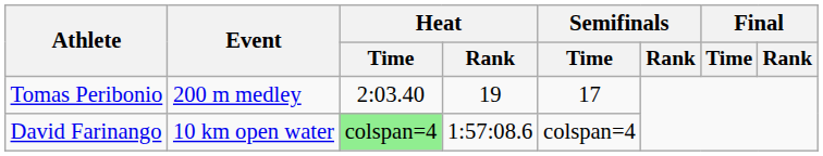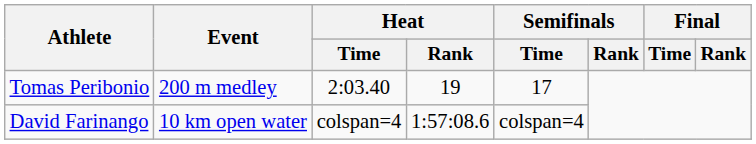 <table class=wikitable style="font-size:90%;">
 <tr>
 <th rowspan=2>Athlete</th>
 <th rowspan=2>Event</th>
 <th colspan=2>Heat</th>
 <th colspan=2>Semifinals</th>
 <th colspan=2>Final</th>
 </tr>
 <tr style="font-size:95%">
 <th>Time</th>
 <th>Rank</th>
 <th>Time</th>
 <th>Rank</th>
 <th>Time</th>
 <th>Rank</th>
 </tr>
 <tr align=center>
 <td align=left><a href='#'>Tomas Peribonio</a></td>
 <td align=left><a href='#'>200 m medley</a></td>
 <td>2:03.40</td>
 <td>19</td>
 <td>17</td>
 </tr>
 <tr align=center>
 <td align=left><a href='#'>David Farinango</a></td>
 <td align=left><a href='#'>10 km open water</a></td>
-<td style="background: lightgreen;">colspan=4 </td>
+<td>colspan=4 </td>
 <td>1:57:08.6</td>
 <td>colspan=4 </td>
 </tr>
 </table>
